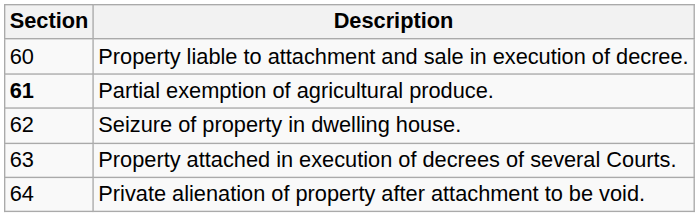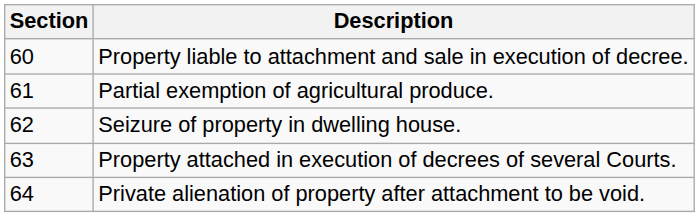 <table class="wikitable">
 <tr>
 <th>Section</th>
 <th>Description</th>
 </tr>
 <tr>
 <td>60</td>
 <td>Property liable to attachment and sale in execution of decree.</td>
 </tr>
 <tr>
-<td><strong>61</strong></td>
+<td>61</td>
 <td>Partial exemption of agricultural produce.</td>
 </tr>
 <tr>
 <td>62</td>
 <td>Seizure of property in dwelling house.</td>
 </tr>
 <tr>
 <td>63</td>
 <td>Property attached in execution of decrees of several Courts.</td>
 </tr>
 <tr>
 <td>64</td>
 <td>Private alienation of property after attachment to be void.</td>
 </tr>
 </table>
